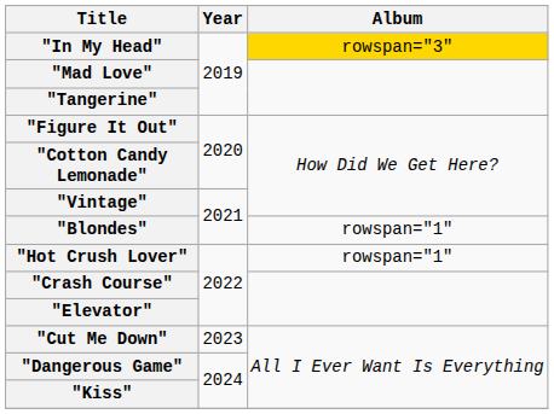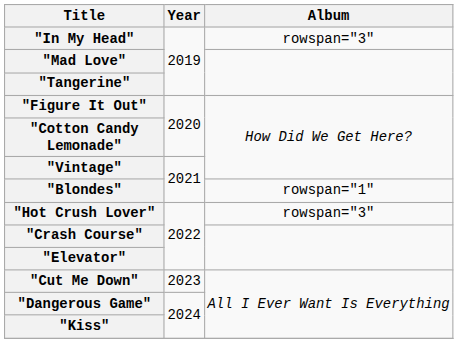 <table class="wikitable plainrowheaders" style="text-align:center;">
 <tr>
 <th scope="col" style="width:11em;">Title</th>
 <th scope="col">Year</th>
 <th scope="col">Album</th>
 </tr>
 <tr>
 <th scope="row">"In My Head"</th>
 <td rowspan="3">2019</td>
-<td style="background: gold;">rowspan="3" </td>
+<td>rowspan="3" </td>
 </tr>
 <tr>
 <th scope="row">"Mad Love"</th>
 </tr>
 <tr>
 <th scope="row">"Tangerine"</th>
 </tr>
 <tr>
 <th scope="row">"Figure It Out"</th>
 <td rowspan="2">2020</td>
 <td rowspan="3"><em>How Did We Get Here?</em></td>
 </tr>
 <tr>
 <th scope="row">"Cotton Candy Lemonade"</th>
 </tr>
 <tr>
 <th scope="row">"Vintage"</th>
 <td rowspan="2">2021</td>
 </tr>
 <tr>
 <th scope="row">"Blondes"</th>
 <td>rowspan="1" </td>
 </tr>
 <tr>
 <th scope="row">"Hot Crush Lover"</th>
 <td rowspan="3">2022</td>
-<td>rowspan="1" </td>
+<td>rowspan="3" </td>
 </tr>
 <tr>
 <th scope="row">"Crash Course" <br> </th>
 </tr>
 <tr>
 <th scope="row">"Elevator"</th>
 </tr>
 <tr>
 <th scope="row">"Cut Me Down" <br> </th>
 <td>2023</td>
 <td rowspan="3"><em>All I Ever Want Is Everything</em></td>
 </tr>
 <tr>
 <th scope="row">"Dangerous Game"</th>
 <td rowspan="2">2024</td>
 </tr>
 <tr>
 <th scope="row">"Kiss"</th>
 </tr>
 <tr>
 </tr>
 </table>
